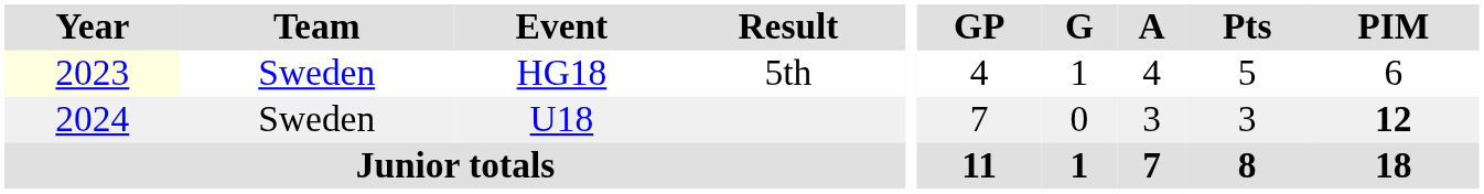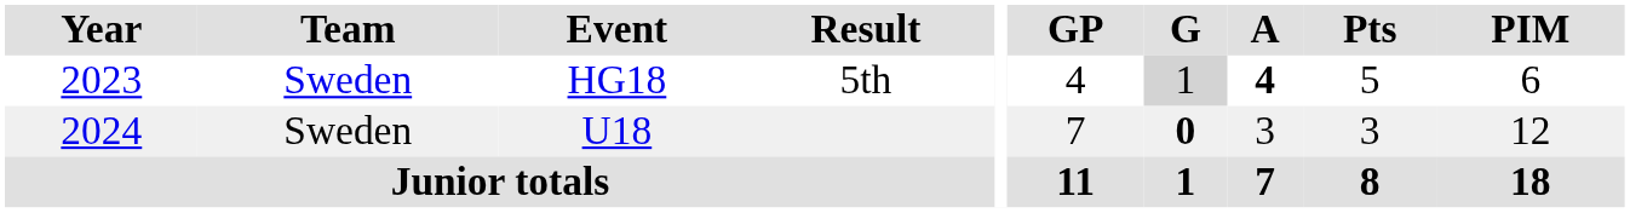 <table border="0" cellpadding="1" cellspacing="0" ID="Table3" style="text-align:center; width:40em;">
 <tr bgcolor="#e0e0e0">
 <th>Year</th>
 <th>Team</th>
 <th>Event</th>
 <th>Result</th>
 <th rowspan="101" bgcolor="#ffffff"></th>
 <th>GP</th>
 <th>G</th>
 <th>A</th>
 <th>Pts</th>
 <th>PIM</th>
 </tr>
 <tr>
-<td style="background: lightyellow;"><a href='#'>2023</a></td>
+<td><a href='#'>2023</a></td>
 <td><a href='#'>Sweden</a></td>
 <td><a href='#'>HG18</a></td>
 <td>5th</td>
 <td>4</td>
-<td>1</td>
-<td>4</td>
+<td style="background: lightgrey;">1</td>
+<td><strong>4</strong></td>
 <td>5</td>
 <td>6</td>
 </tr>
 <tr bgcolor="f0f0f0">
 <td><a href='#'>2024</a></td>
 <td>Sweden</td>
 <td><a href='#'>U18</a></td>
 <td></td>
 <td>7</td>
-<td>0</td>
+<td><strong>0</strong></td>
 <td>3</td>
 <td>3</td>
-<td><strong>12</strong></td>
+<td>12</td>
 </tr>
 <tr bgcolor="#e0e0e0">
 <th colspan="4">Junior totals</th>
 <th>11</th>
 <th>1</th>
 <th>7</th>
 <th>8</th>
 <th>18</th>
 </tr>
 </table>
